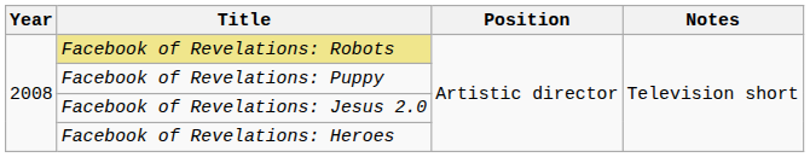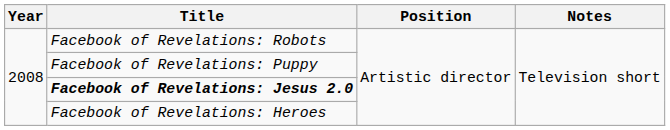 <table class="wikitable sortable">
 <tr>
 <th>Year</th>
 <th>Title</th>
 <th>Position</th>
 <th class="unsortable">Notes</th>
 </tr>
 <tr>
 <td rowspan="4">2008</td>
-<td style="background: khaki;"><em>Facebook of Revelations: Robots</em></td>
+<td><em>Facebook of Revelations: Robots</em></td>
 <td rowspan="4">Artistic director</td>
 <td rowspan="4">Television short</td>
 </tr>
 <tr>
 <td><em>Facebook of Revelations: Puppy</em></td>
 </tr>
 <tr>
-<td><em>Facebook of Revelations: Jesus 2.0</em></td>
+<td><strong><em>Facebook of Revelations: Jesus 2.0</em></strong></td>
 </tr>
 <tr>
 <td><em>Facebook of Revelations: Heroes</em></td>
 </tr>
 </table>
